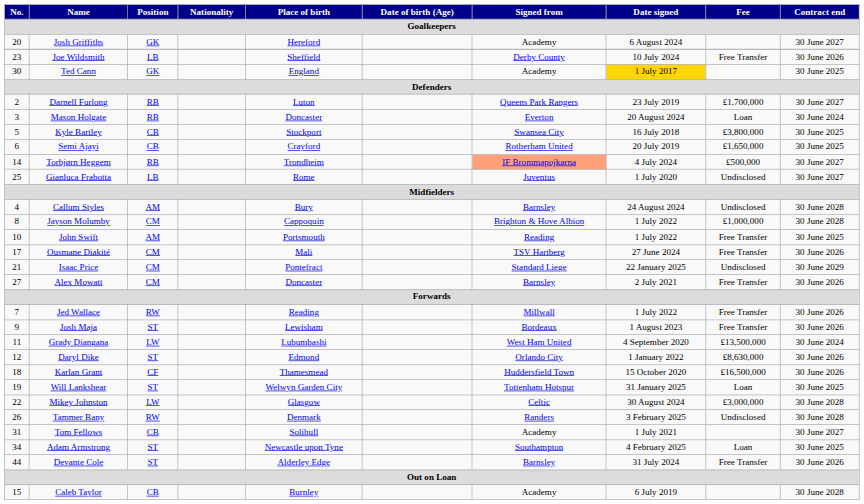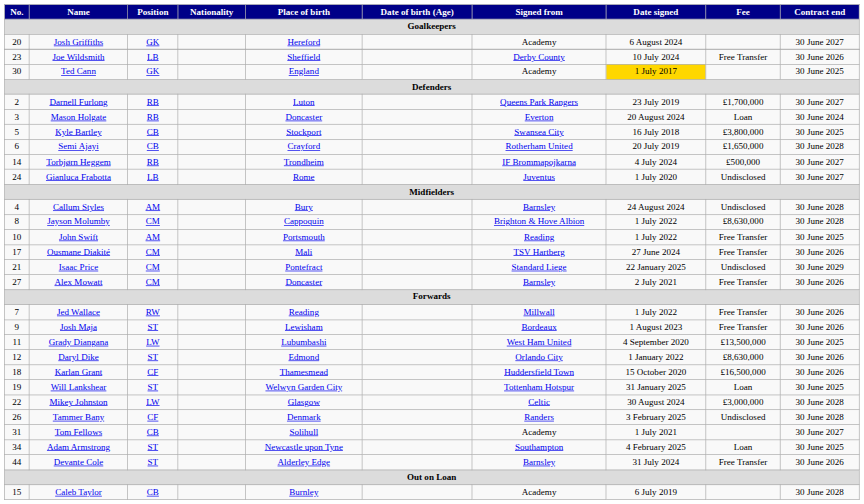 <table class="wikitable" style="text-align:center; font-size:84.5%; width:101%;">
 <tr>
 <th style="color:white; background:#008; text-align:center;">No.</th>
 <th style="color:white; background:#008; text-align:center;">Name</th>
 <th style="color:white; background:#008; text-align:center;">Position</th>
 <th style="color:white; background:#008; text-align:center;">Nationality</th>
 <th style="color:white; background:#008; text-align:center;">Place of birth</th>
 <th style="color:white; background:#008; text-align:center;">Date of birth (Age)</th>
 <th style="color:white; background:#008; text-align:center;">Signed from</th>
 <th style="color:white; background:#008; text-align:center;">Date signed</th>
 <th style="color:white; background:#008; text-align:center;">Fee</th>
 <th style="color:white; background:#008; text-align:center;">Contract end</th>
 </tr>
 <tr>
 <th colspan="14" style="background:#dcdcdc; tepxt-align:center;">Goalkeepers</th>
 </tr>
 <tr>
 <td>20</td>
 <td><a href='#'>Josh Griffiths</a></td>
 <td><a href='#'>GK</a></td>
 <td></td>
 <td><a href='#'>Hereford</a></td>
 <td></td>
 <td>Academy</td>
 <td>6 August 2024</td>
 <td></td>
 <td>30 June 2027</td>
 </tr>
 <tr>
 </tr>
 <tr>
 <td>23</td>
 <td><a href='#'>Joe Wildsmith</a></td>
 <td><a href='#'>LB</a></td>
 <td></td>
 <td><a href='#'>Sheffield</a></td>
 <td></td>
 <td><a href='#'>Derby County</a></td>
 <td>10 July 2024</td>
 <td>Free Transfer</td>
 <td>30 June 2026</td>
 </tr>
 <tr>
 <td>30</td>
 <td><a href='#'>Ted Cann</a></td>
 <td><a href='#'>GK</a></td>
 <td></td>
 <td><a href='#'>England</a></td>
 <td></td>
 <td>Academy</td>
 <td style="background: gold;">1 July 2017</td>
 <td></td>
 <td>30 June 2025</td>
 </tr>
 <tr>
 <th colspan="14" style="background:#dcdcdc; tepxt-align:center;">Defenders</th>
 </tr>
 <tr>
 <td>2</td>
 <td><a href='#'>Darnell Furlong</a></td>
 <td><a href='#'>RB</a></td>
 <td></td>
 <td><a href='#'>Luton</a></td>
 <td></td>
 <td><a href='#'>Queens Park Rangers</a></td>
 <td>23 July 2019</td>
 <td>£1,700,000</td>
 <td>30 June 2027</td>
 </tr>
 <tr>
 <td>3</td>
 <td><a href='#'>Mason Holgate</a></td>
 <td><a href='#'>RB</a></td>
 <td></td>
 <td> <a href='#'>Doncaster</a></td>
 <td></td>
 <td><a href='#'>Everton</a></td>
 <td>20 August 2024</td>
 <td>Loan</td>
 <td>30 June 2024</td>
 </tr>
 <tr>
 <td>5</td>
 <td><a href='#'>Kyle Bartley</a></td>
 <td><a href='#'>CB</a></td>
 <td></td>
 <td><a href='#'>Stockport</a></td>
 <td></td>
 <td><a href='#'>Swansea City</a></td>
 <td>16 July 2018</td>
 <td>£3,800,000</td>
 <td>30 June 2025</td>
 </tr>
 <tr>
 <td>6</td>
 <td><a href='#'>Semi Ajayi</a></td>
 <td><a href='#'>CB</a></td>
 <td></td>
 <td> <a href='#'>Crayford</a></td>
 <td></td>
 <td><a href='#'>Rotherham United</a></td>
 <td>20 July 2019</td>
 <td>£1,650,000</td>
-<td>30 June 2025</td>
+<td>30 June 2028</td>
 </tr>
 <tr>
 <td>14</td>
 <td><a href='#'>Torbjørn Heggem</a></td>
 <td><a href='#'>RB</a></td>
 <td></td>
 <td><a href='#'>Trondheim</a></td>
 <td></td>
-<td style="background: lightsalmon;"> <a href='#'>IF Brommapojkarna</a></td>
+<td> <a href='#'>IF Brommapojkarna</a></td>
 <td>4 July 2024</td>
 <td>£500,000</td>
 <td>30 June 2027</td>
 </tr>
 <tr>
-<td>25</td>
+<td>24</td>
 <td><a href='#'>Gianluca Frabotta</a></td>
 <td><a href='#'>LB</a></td>
 <td></td>
 <td><a href='#'>Rome</a></td>
 <td></td>
 <td> <a href='#'>Juventus</a></td>
 <td>1 July 2020</td>
 <td>Undisclosed</td>
 <td>30 June 2027</td>
 </tr>
 <tr>
 <th colspan="14" style="background:#dcdcdc; tepxt-align:center;">Midfielders</th>
 </tr>
 <tr>
 <td>4</td>
 <td><a href='#'>Callum Styles</a></td>
 <td><a href='#'>AM</a></td>
 <td></td>
 <td> <a href='#'>Bury</a></td>
 <td></td>
 <td><a href='#'>Barnsley</a></td>
 <td>24 August 2024</td>
 <td>Undisclosed</td>
 <td>30 June 2028</td>
 </tr>
 <tr>
 <td>8</td>
 <td><a href='#'>Jayson Molumby</a></td>
 <td><a href='#'>CM</a></td>
 <td></td>
 <td><a href='#'>Cappoquin</a></td>
 <td></td>
 <td><a href='#'>Brighton & Hove Albion</a></td>
 <td>1 July 2022</td>
-<td>£1,000,000</td>
+<td>£8,630,000</td>
 <td>30 June 2028</td>
 </tr>
 <tr>
 <td>10</td>
 <td><a href='#'>John Swift</a></td>
 <td><a href='#'>AM</a></td>
 <td></td>
 <td><a href='#'>Portsmouth</a></td>
 <td></td>
 <td><a href='#'>Reading</a></td>
 <td>1 July 2022</td>
 <td>Free Transfer</td>
 <td>30 June 2025</td>
 </tr>
 <tr>
 <td>17</td>
 <td><a href='#'>Ousmane Diakité</a></td>
 <td><a href='#'>CM</a></td>
 <td></td>
 <td><a href='#'>Mali</a></td>
 <td></td>
 <td> <a href='#'>TSV Hartberg</a></td>
 <td>27 June 2024</td>
 <td>Free Transfer</td>
 <td>30 June 2026</td>
 </tr>
 <tr>
 <td>21</td>
 <td><a href='#'>Isaac Price</a></td>
 <td><a href='#'>CM</a></td>
 <td></td>
 <td> <a href='#'>Pontefract</a></td>
 <td></td>
 <td><a href='#'>Standard Liege</a></td>
 <td>22 January 2025</td>
 <td>Undisclosed</td>
 <td>30 June 2029</td>
 </tr>
 <tr>
 <td>27</td>
 <td><a href='#'>Alex Mowatt</a></td>
 <td><a href='#'>CM</a></td>
 <td></td>
 <td><a href='#'>Doncaster</a></td>
 <td></td>
 <td><a href='#'>Barnsley</a></td>
 <td>2 July 2021</td>
 <td>Free Transfer</td>
 <td>30 June 2026</td>
 </tr>
 <tr>
 <th colspan="14" style="background:#dcdcdc; tepxt-align:center;">Forwards</th>
 </tr>
 <tr>
 <td>7</td>
 <td><a href='#'>Jed Wallace</a></td>
 <td><a href='#'>RW</a></td>
 <td></td>
 <td><a href='#'>Reading</a></td>
 <td></td>
 <td><a href='#'>Millwall</a></td>
 <td>1 July 2022</td>
 <td>Free Transfer</td>
 <td>30 June 2026</td>
 </tr>
 <tr>
 <td>9</td>
 <td><a href='#'>Josh Maja</a></td>
 <td><a href='#'>ST</a></td>
 <td></td>
 <td> <a href='#'>Lewisham</a></td>
 <td></td>
 <td> <a href='#'>Bordeaux</a></td>
 <td>1 August 2023</td>
 <td>Free Transfer</td>
 <td>30 June 2026</td>
 </tr>
 <tr>
 <td>11</td>
 <td><a href='#'>Grady Diangana</a></td>
 <td><a href='#'>LW</a></td>
 <td></td>
 <td><a href='#'>Lubumbashi</a></td>
 <td></td>
 <td><a href='#'>West Ham United</a></td>
 <td>4 September 2020</td>
 <td>£13,500,000</td>
-<td>30 June 2024</td>
+<td>30 June 2025</td>
 </tr>
 <tr>
 <td>12</td>
 <td><a href='#'>Daryl Dike</a></td>
 <td><a href='#'>ST</a></td>
 <td></td>
 <td><a href='#'>Edmond</a></td>
 <td></td>
 <td> <a href='#'>Orlando City</a></td>
 <td>1 January 2022</td>
 <td>£8,630,000</td>
 <td>30 June 2026</td>
 </tr>
 <tr>
 <td>18</td>
 <td><a href='#'>Karlan Grant</a></td>
 <td><a href='#'>CF</a></td>
 <td></td>
 <td><a href='#'>Thamesmead</a></td>
 <td></td>
 <td><a href='#'>Huddersfield Town</a></td>
 <td>15 October 2020</td>
 <td>£16,500,000</td>
 <td>30 June 2026</td>
 </tr>
 <tr>
 <td>19</td>
 <td><a href='#'>Will Lankshear</a></td>
 <td><a href='#'>ST</a></td>
 <td></td>
 <td><a href='#'>Welwyn Garden City</a></td>
 <td></td>
 <td><a href='#'>Tottenham Hotspur</a></td>
 <td>31 January 2025</td>
 <td>Loan</td>
 <td>30 June 2025</td>
 </tr>
 <tr>
 <td>22</td>
 <td><a href='#'>Mikey Johnston</a></td>
 <td><a href='#'>LW</a></td>
 <td></td>
 <td> <a href='#'>Glasgow</a></td>
 <td></td>
 <td> <a href='#'>Celtic</a></td>
 <td>30 August 2024</td>
 <td>£3,000,000</td>
 <td>30 June 2028</td>
 </tr>
 <tr>
 <td>26</td>
 <td><a href='#'>Tammer Bany</a></td>
-<td><a href='#'>RW</a></td>
+<td><a href='#'>CF</a></td>
 <td></td>
 <td><a href='#'>Denmark</a></td>
 <td></td>
 <td><a href='#'>Randers</a></td>
 <td>3 February 2025</td>
 <td>Undisclosed</td>
 <td>30 June 2028</td>
 </tr>
 <tr>
 <td>31</td>
 <td><a href='#'>Tom Fellows</a></td>
 <td><a href='#'>CB</a></td>
 <td></td>
 <td><a href='#'>Solihull</a></td>
 <td></td>
 <td>Academy</td>
 <td>1 July 2021</td>
 <td></td>
 <td>30 June 2027</td>
 </tr>
 <tr>
 <td>34</td>
 <td><a href='#'>Adam Armstrong</a></td>
 <td><a href='#'>ST</a></td>
 <td></td>
 <td><a href='#'>Newcastle upon Tyne</a></td>
 <td></td>
 <td><a href='#'>Southampton</a></td>
 <td>4 February 2025</td>
 <td>Loan</td>
 <td>30 June 2025</td>
 </tr>
 <tr>
 <td>44</td>
 <td><a href='#'>Devante Cole</a></td>
 <td><a href='#'>ST</a></td>
 <td></td>
 <td><a href='#'>Alderley Edge</a></td>
 <td></td>
 <td><a href='#'>Barnsley</a></td>
 <td>31 July 2024</td>
 <td>Free Transfer</td>
 <td>30 June 2026</td>
 </tr>
 <tr>
 <th colspan="14" style="background:#dcdcdc; tepxt-align:center;">Out on Loan</th>
 </tr>
 <tr>
 <td>15</td>
 <td><a href='#'>Caleb Taylor</a></td>
 <td><a href='#'>CB</a></td>
 <td></td>
 <td><a href='#'>Burnley</a></td>
 <td></td>
 <td>Academy</td>
 <td>6 July 2019</td>
 <td></td>
 <td>30 June 2028</td>
 </tr>
 </table>
